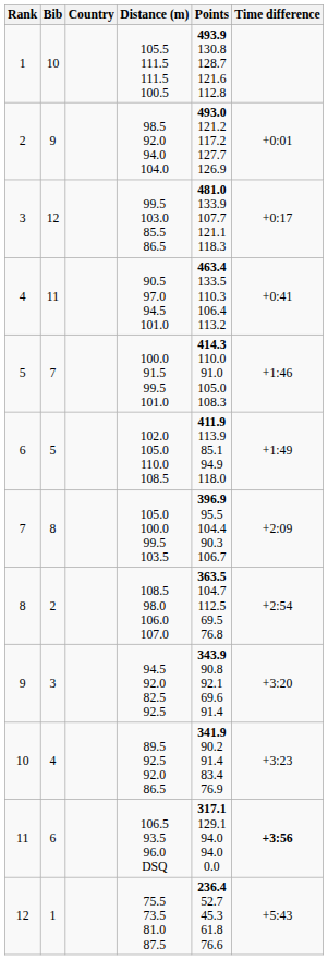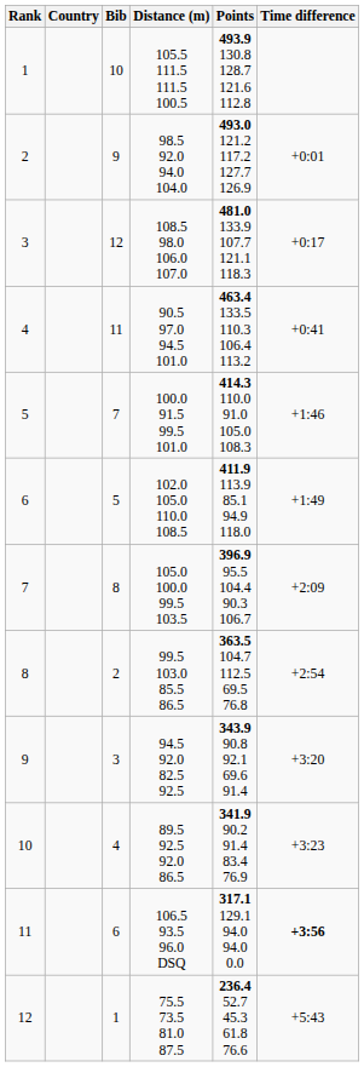 <table class="wikitable sortable" style="text-align:center">
 <tr>
 <th>Rank</th>
+<th>Country</th>
 <th>Bib</th>
-<th>Country</th>
 <th>Distance (m)</th>
 <th>Points</th>
 <th>Time difference</th>
 </tr>
 <tr>
 <td>1</td>
+<td align=left><br></td>
 <td>10</td>
-<td align=left><br></td>
 <td><br>105.5<br>111.5<br>111.5<br>100.5</td>
 <td><strong>493.9</strong><br>130.8<br>128.7<br>121.6<br>112.8</td>
 <td></td>
 </tr>
 <tr>
 <td>2</td>
+<td align=left><br></td>
 <td>9</td>
-<td align=left><br></td>
 <td><br>98.5<br>92.0<br>94.0<br>104.0</td>
 <td><strong>493.0</strong><br>121.2<br>117.2<br>127.7<br>126.9</td>
 <td>+0:01</td>
 </tr>
 <tr>
 <td>3</td>
+<td align=left><br></td>
 <td>12</td>
-<td align=left><br></td>
-<td><br>99.5<br>103.0<br>85.5<br>86.5</td>
+<td><br>108.5<br>98.0<br>106.0<br>107.0</td>
 <td><strong>481.0</strong><br>133.9<br>107.7<br>121.1<br>118.3</td>
 <td>+0:17</td>
 </tr>
 <tr>
 <td>4</td>
+<td align=left><br></td>
 <td>11</td>
-<td align=left><br></td>
 <td><br>90.5<br>97.0<br>94.5<br>101.0</td>
 <td><strong>463.4</strong><br>133.5<br>110.3<br>106.4<br>113.2</td>
 <td>+0:41</td>
 </tr>
 <tr>
 <td>5</td>
+<td align=left><br></td>
 <td>7</td>
-<td align=left><br></td>
 <td><br>100.0<br>91.5<br>99.5<br>101.0</td>
 <td><strong>414.3</strong><br>110.0<br>91.0<br>105.0<br>108.3</td>
 <td>+1:46</td>
 </tr>
 <tr>
 <td>6</td>
+<td align=left><br></td>
 <td>5</td>
-<td align=left><br></td>
 <td><br>102.0<br>105.0<br>110.0<br>108.5</td>
 <td><strong>411.9</strong><br>113.9<br>85.1<br>94.9<br>118.0</td>
 <td>+1:49</td>
 </tr>
 <tr>
 <td>7</td>
+<td align=left><br></td>
 <td>8</td>
-<td align=left><br></td>
 <td><br>105.0<br>100.0<br>99.5<br>103.5</td>
 <td><strong>396.9</strong><br>95.5<br>104.4<br>90.3<br>106.7</td>
 <td>+2:09</td>
 </tr>
 <tr>
 <td>8</td>
+<td align=left><br></td>
 <td>2</td>
-<td align=left><br></td>
-<td><br>108.5<br>98.0<br>106.0<br>107.0</td>
+<td><br>99.5<br>103.0<br>85.5<br>86.5</td>
 <td><strong>363.5</strong><br>104.7<br>112.5<br>69.5<br>76.8</td>
 <td>+2:54</td>
 </tr>
 <tr>
 <td>9</td>
+<td align=left><br></td>
 <td>3</td>
-<td align=left><br></td>
 <td><br>94.5<br>92.0<br>82.5<br>92.5</td>
 <td><strong>343.9</strong><br>90.8<br>92.1<br>69.6<br>91.4</td>
 <td>+3:20</td>
 </tr>
 <tr>
 <td>10</td>
+<td align=left><br></td>
 <td>4</td>
-<td align=left><br></td>
 <td><br>89.5<br>92.5<br>92.0<br>86.5</td>
 <td><strong>341.9</strong><br>90.2<br>91.4<br>83.4<br>76.9</td>
 <td>+3:23</td>
 </tr>
 <tr>
 <td>11</td>
+<td align=left><br></td>
 <td>6</td>
-<td align=left><br></td>
 <td><br>106.5<br>93.5<br>96.0<br>DSQ</td>
 <td><strong>317.1</strong><br>129.1<br>94.0<br>94.0<br>0.0</td>
 <td><strong>+3:56</strong></td>
 </tr>
 <tr>
 <td>12</td>
+<td align=left><br></td>
 <td>1</td>
-<td align=left><br></td>
 <td><br>75.5<br>73.5<br>81.0<br>87.5</td>
 <td><strong>236.4</strong><br>52.7<br>45.3<br>61.8<br>76.6</td>
 <td>+5:43</td>
 </tr>
 </table>
